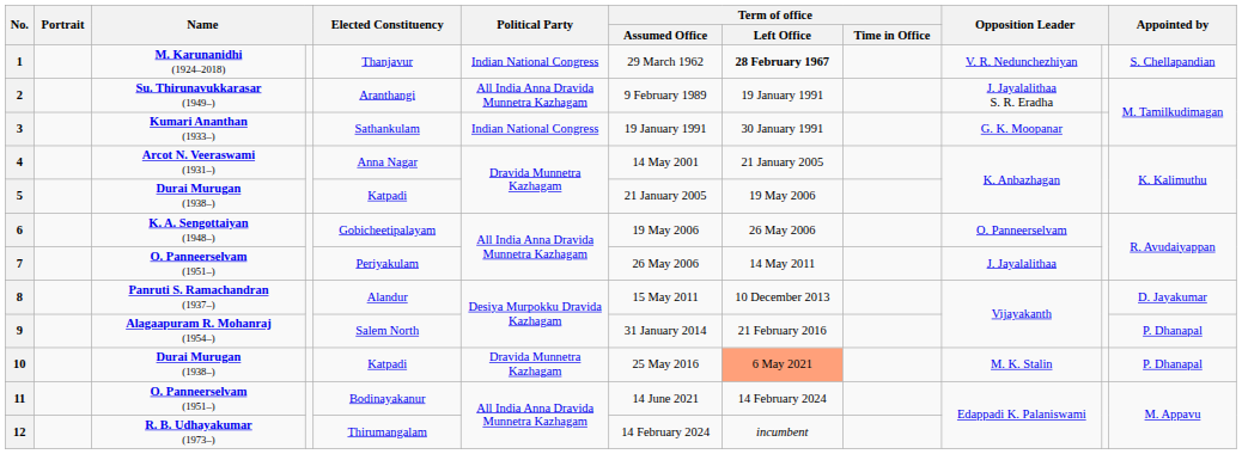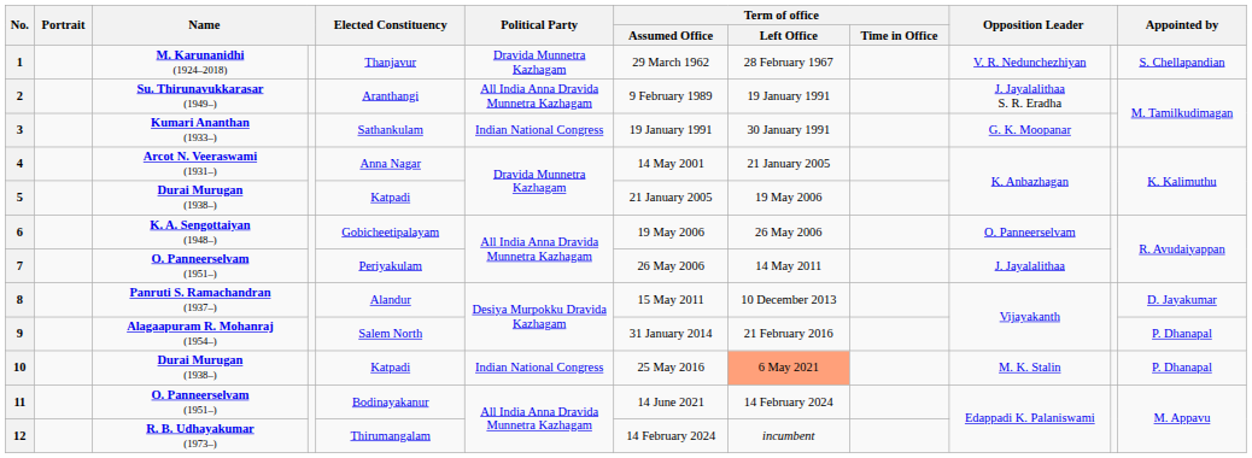 <table class="wikitable sortable" style="width:100%; text-align:center">
 <tr>
 <th rowspan="2">No.</th>
 <th rowspan="2">Portrait</th>
 <th rowspan="2" colspan="2" style="width:18%;">Name<br><small></small></th>
 <th rowspan="2" style="width:12%;">Elected Constituency</th>
 <th rowspan="2" style="width:12%;">Political Party</th>
 <th colspan="3" style="width:27%;">Term of office</th>
 <th colspan="2" rowspan="2">Opposition Leader</th>
 <th rowspan="2">Appointed by</th>
 </tr>
 <tr>
 <th>Assumed Office</th>
 <th>Left Office</th>
 <th>Time in Office</th>
 </tr>
 <tr>
 <th>1</th>
 <td></td>
 <td><strong><a href='#'>M. Karunanidhi</a></strong><br><small>(1924–2018)</small></td>
 <td style="background:"></td>
 <td><a href='#'>Thanjavur</a></td>
-<td><a href='#'>Indian National Congress</a></td>
+<td><a href='#'>Dravida Munnetra Kazhagam</a></td>
 <td>29 March 1962</td>
-<td><strong>28 February 1967</strong></td>
+<td>28 February 1967</td>
 <td></td>
 <td><a href='#'>V. R. Nedunchezhiyan</a></td>
 <td style="background-color: "></td>
 <td><a href='#'>S. Chellapandian</a></td>
 </tr>
 <tr>
 <th>2</th>
 <td></td>
 <td><strong><a href='#'>Su. Thirunavukkarasar</a></strong><br><small>(1949–)</small></td>
 <td style="background:"></td>
 <td><a href='#'>Aranthangi</a></td>
 <td><a href='#'>All India Anna Dravida Munnetra Kazhagam</a></td>
 <td>9 February 1989</td>
 <td>19 January 1991</td>
 <td></td>
 <td><a href='#'>J. Jayalalithaa</a><br>S. R. Eradha</td>
 <td style="background-color: "></td>
 <td rowspan="2"><a href='#'>M. Tamilkudimagan</a></td>
 </tr>
 <tr>
 <th>3</th>
 <td></td>
 <td><strong><a href='#'>Kumari Ananthan</a></strong><br><small>(1933–)</small></td>
 <td style="background:"></td>
 <td><a href='#'>Sathankulam</a></td>
 <td><a href='#'>Indian National Congress</a></td>
 <td>19 January 1991</td>
 <td>30 January 1991</td>
 <td></td>
 <td><a href='#'>G. K. Moopanar</a></td>
 <td style="background-color: "></td>
 </tr>
 <tr>
 <th>4</th>
 <td></td>
 <td><strong><a href='#'>Arcot N. Veeraswami</a></strong><br><small>(1931–)</small></td>
 <td rowspan="2" style="background:"></td>
 <td><a href='#'>Anna Nagar</a></td>
 <td rowspan="2"><a href='#'>Dravida Munnetra Kazhagam</a></td>
 <td>14 May 2001</td>
 <td>21 January 2005</td>
 <td></td>
 <td rowspan="2"><a href='#'>K. Anbazhagan</a></td>
 <td rowspan="2" style="background-color: "></td>
 <td rowspan="2"><a href='#'>K. Kalimuthu</a></td>
 </tr>
 <tr>
 <th>5</th>
 <td></td>
 <td><strong><a href='#'>Durai Murugan</a></strong><br><small>(1938–)</small></td>
 <td><a href='#'>Katpadi</a></td>
 <td>21 January 2005</td>
 <td>19 May 2006</td>
 <td></td>
 </tr>
 <tr>
 <th>6</th>
 <td></td>
 <td><strong><a href='#'>K. A. Sengottaiyan</a></strong><br><small>(1948–)</small></td>
 <td rowspan="2" style="background:"></td>
 <td><a href='#'>Gobicheetipalayam</a></td>
 <td rowspan="2"><a href='#'>All India Anna Dravida Munnetra Kazhagam</a></td>
 <td>19 May 2006</td>
 <td>26 May 2006</td>
 <td></td>
 <td><a href='#'>O. Panneerselvam</a></td>
 <td rowspan="2" style="background-color: "></td>
 <td rowspan="2"><a href='#'>R. Avudaiyappan</a></td>
 </tr>
 <tr>
 <th>7</th>
 <td></td>
 <td><strong><a href='#'>O. Panneerselvam</a></strong><br><small>(1951–)</small></td>
 <td><a href='#'>Periyakulam</a></td>
 <td>26  May 2006</td>
 <td>14 May 2011</td>
 <td></td>
 <td><a href='#'>J. Jayalalithaa</a></td>
 </tr>
 <tr>
 <th>8</th>
 <td></td>
 <td><strong><a href='#'>Panruti S. Ramachandran</a></strong><br><small>(1937–)</small></td>
 <td rowspan="2" style="background:"></td>
 <td><a href='#'>Alandur</a></td>
 <td rowspan="2"><a href='#'>Desiya Murpokku Dravida Kazhagam</a></td>
 <td>15 May 2011</td>
 <td>10 December 2013</td>
 <td></td>
 <td rowspan="2"><a href='#'>Vijayakanth</a></td>
 <td rowspan="2" style="background-color: "></td>
 <td><a href='#'>D. Jayakumar</a></td>
 </tr>
 <tr>
 <th>9</th>
 <td></td>
 <td><strong><a href='#'>Alagaapuram R. Mohanraj</a></strong><br><small>(1954–)</small></td>
 <td><a href='#'>Salem North</a></td>
 <td>31 January 2014</td>
 <td>21 February 2016</td>
 <td></td>
 <td><a href='#'>P. Dhanapal</a></td>
 </tr>
 <tr>
 <th>10</th>
 <td></td>
 <td><strong><a href='#'>Durai Murugan</a></strong><br><small>(1938–)</small></td>
 <td style="background:"></td>
 <td><a href='#'>Katpadi</a></td>
-<td><a href='#'>Dravida Munnetra Kazhagam</a></td>
+<td><a href='#'>Indian National Congress</a></td>
 <td>25 May 2016</td>
 <td style="background: lightsalmon;">6 May 2021</td>
 <td></td>
 <td><a href='#'>M. K. Stalin</a></td>
 <td style="background-color: "></td>
 <td><a href='#'>P. Dhanapal</a></td>
 </tr>
 <tr>
 <th>11</th>
 <td></td>
 <td><strong><a href='#'>O. Panneerselvam</a></strong><br><small>(1951–)</small></td>
 <td rowspan="2" style="background:"></td>
 <td><a href='#'>Bodinayakanur</a></td>
 <td rowspan="2"><a href='#'>All India Anna Dravida Munnetra Kazhagam</a></td>
 <td>14 June 2021</td>
 <td>14 February 2024</td>
 <td></td>
 <td rowspan="2"><a href='#'>Edappadi K. Palaniswami</a></td>
 <td rowspan="2" style="background-color: "></td>
 <td rowspan="2"><a href='#'>M. Appavu</a></td>
 </tr>
 <tr>
 <th>12</th>
 <td></td>
 <td><strong><a href='#'>R. B. Udhayakumar</a></strong><br><small>(1973–)</small></td>
 <td><a href='#'>Thirumangalam</a></td>
 <td>14 February 2024</td>
 <td><em>incumbent</em></td>
 <td></td>
 </tr>
 </table>
